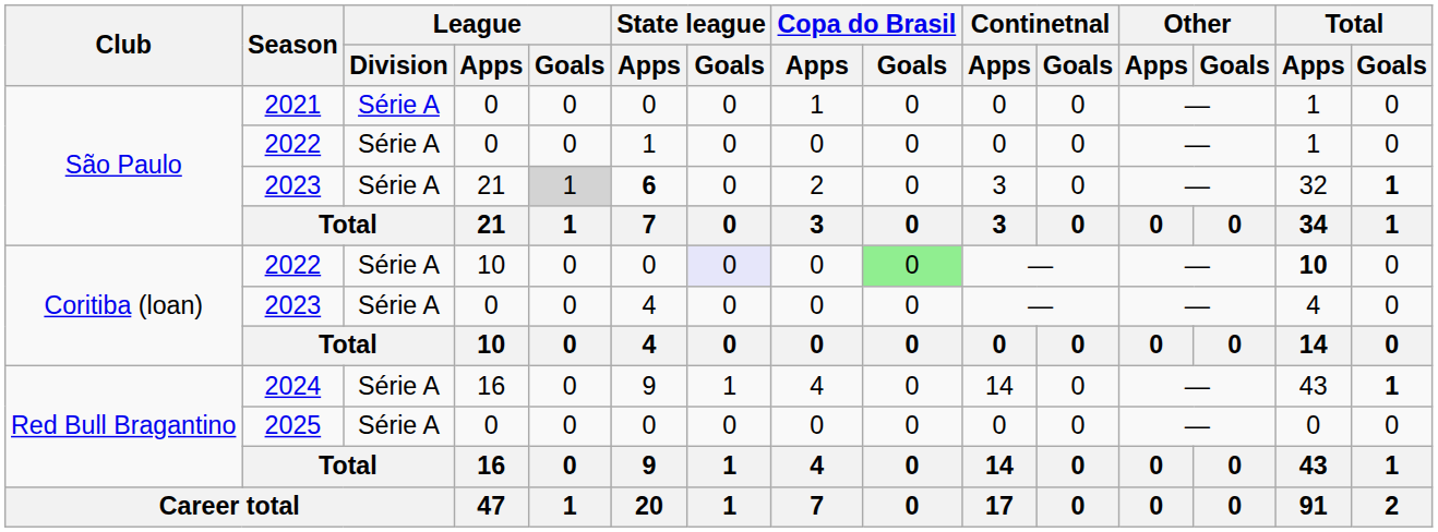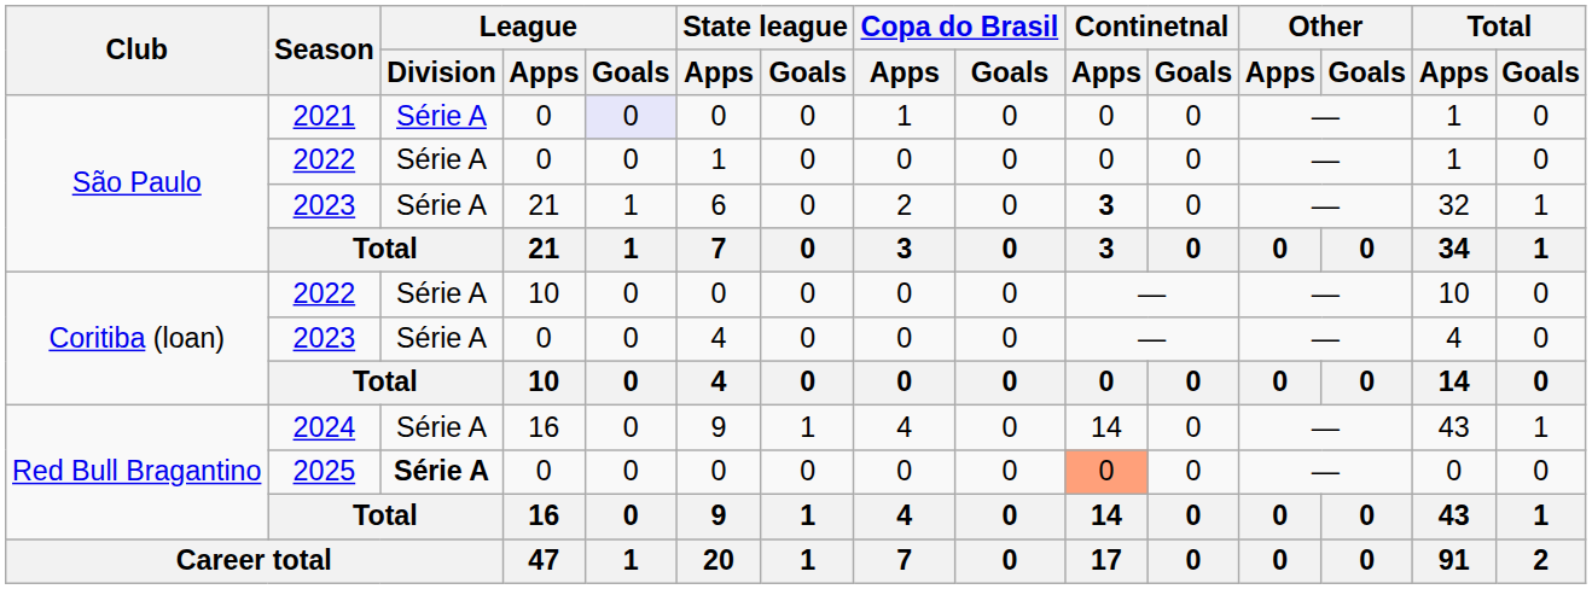 <table class="wikitable" style="text-align:center">
 <tr>
 <th rowspan="2">Club</th>
 <th rowspan="2">Season</th>
 <th colspan="3">League</th>
 <th colspan="2">State league</th>
 <th colspan="2"><a href='#'>Copa do Brasil</a></th>
 <th colspan="2">Continetnal</th>
 <th colspan="2">Other</th>
 <th colspan="2">Total</th>
 </tr>
 <tr>
 <th>Division</th>
 <th>Apps</th>
 <th>Goals</th>
 <th>Apps</th>
 <th>Goals</th>
 <th>Apps</th>
 <th>Goals</th>
 <th>Apps</th>
 <th>Goals</th>
 <th>Apps</th>
 <th>Goals</th>
 <th>Apps</th>
 <th>Goals</th>
 </tr>
 <tr>
 <td rowspan="4"><a href='#'>São Paulo</a></td>
 <td><a href='#'>2021</a></td>
 <td><a href='#'>Série A</a></td>
 <td>0</td>
-<td>0</td>
+<td style="background: lavender;">0</td>
 <td>0</td>
 <td>0</td>
 <td>1</td>
 <td>0</td>
 <td>0</td>
 <td>0</td>
 <td colspan="2">—</td>
 <td>1</td>
 <td>0</td>
 </tr>
 <tr>
 <td><a href='#'>2022</a></td>
 <td>Série A</td>
 <td>0</td>
 <td>0</td>
 <td>1</td>
 <td>0</td>
 <td>0</td>
 <td>0</td>
 <td>0</td>
 <td>0</td>
 <td colspan="2">—</td>
 <td>1</td>
 <td>0</td>
 </tr>
 <tr>
 <td><a href='#'>2023</a></td>
 <td>Série A</td>
 <td>21</td>
-<td style="background: lightgrey;">1</td>
-<td><strong>6</strong></td>
+<td>1</td>
+<td>6</td>
 <td>0</td>
 <td>2</td>
 <td>0</td>
-<td>3</td>
+<td><strong>3</strong></td>
 <td>0</td>
 <td colspan="2">—</td>
 <td>32</td>
-<td><strong>1</strong></td>
+<td>1</td>
 </tr>
 <tr>
 <th colspan="2">Total</th>
 <th>21</th>
 <th>1</th>
 <th>7</th>
 <th>0</th>
 <th>3</th>
 <th>0</th>
 <th>3</th>
 <th>0</th>
 <th>0</th>
 <th>0</th>
 <th>34</th>
 <th>1</th>
 </tr>
 <tr>
 <td rowspan="3"><a href='#'>Coritiba</a> (loan)</td>
 <td><a href='#'>2022</a></td>
 <td>Série A</td>
 <td>10</td>
 <td>0</td>
 <td>0</td>
-<td style="background: lavender;">0</td>
 <td>0</td>
-<td style="background: lightgreen;">0</td>
+<td>0</td>
+<td>0</td>
 <td colspan="2">—</td>
 <td colspan="2">—</td>
-<td><strong>10</strong></td>
+<td>10</td>
 <td>0</td>
 </tr>
 <tr>
 <td><a href='#'>2023</a></td>
 <td>Série A</td>
 <td>0</td>
 <td>0</td>
 <td>4</td>
 <td>0</td>
 <td>0</td>
 <td>0</td>
 <td colspan="2">—</td>
 <td colspan="2">—</td>
 <td>4</td>
 <td>0</td>
 </tr>
 <tr>
 <th colspan="2">Total</th>
 <th>10</th>
 <th>0</th>
 <th>4</th>
 <th>0</th>
 <th>0</th>
 <th>0</th>
 <th>0</th>
 <th>0</th>
 <th>0</th>
 <th>0</th>
 <th>14</th>
 <th>0</th>
 </tr>
 <tr>
 <td rowspan="3"><a href='#'>Red Bull Bragantino</a></td>
 <td><a href='#'>2024</a></td>
 <td>Série A</td>
 <td>16</td>
 <td>0</td>
 <td>9</td>
 <td>1</td>
 <td>4</td>
 <td>0</td>
 <td>14</td>
 <td>0</td>
 <td colspan="2">—</td>
 <td>43</td>
-<td><strong>1</strong></td>
+<td>1</td>
 </tr>
 <tr>
 <td><a href='#'>2025</a></td>
-<td>Série A</td>
+<td><strong>Série A</strong></td>
 <td>0</td>
 <td>0</td>
 <td>0</td>
 <td>0</td>
 <td>0</td>
 <td>0</td>
-<td>0</td>
+<td style="background: lightsalmon;">0</td>
 <td>0</td>
 <td colspan="2">—</td>
 <td>0</td>
 <td>0</td>
 </tr>
 <tr>
 <th colspan="2">Total</th>
 <th>16</th>
 <th>0</th>
 <th>9</th>
 <th>1</th>
 <th>4</th>
 <th>0</th>
 <th>14</th>
 <th>0</th>
 <th>0</th>
 <th>0</th>
 <th>43</th>
 <th>1</th>
 </tr>
 <tr>
 <th colspan="3">Career total</th>
 <th>47</th>
 <th>1</th>
 <th>20</th>
 <th>1</th>
 <th>7</th>
 <th>0</th>
 <th>17</th>
 <th>0</th>
 <th>0</th>
 <th>0</th>
 <th>91</th>
 <th>2</th>
 </tr>
 </table>
